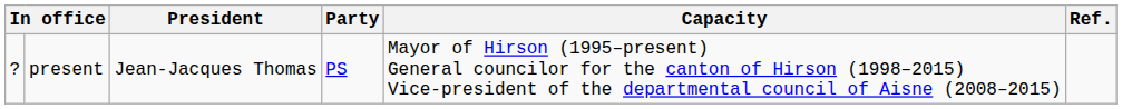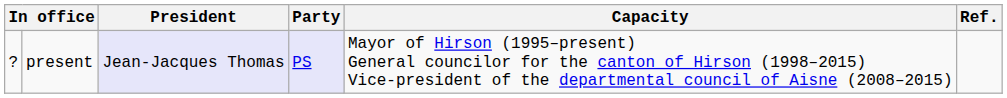 <table class="wikitable">
 <tr>
 <th colspan="2">In office</th>
 <th>President</th>
 <th>Party</th>
 <th>Capacity</th>
 <th>Ref.</th>
 </tr>
 <tr>
 <td>?</td>
 <td>present</td>
-<td>Jean-Jacques Thomas</td>
-<td><a href='#'>PS</a></td>
+<td style="background: lavender;">Jean-Jacques Thomas</td>
+<td style="background: lavender;"><a href='#'>PS</a></td>
 <td>Mayor of <a href='#'>Hirson</a> (1995–present)<br>General councilor for the <a href='#'>canton of Hirson</a> (1998–2015)<br>Vice-president of the <a href='#'>departmental council of Aisne</a> (2008–2015)</td>
 <td></td>
 </tr>
 </table>
